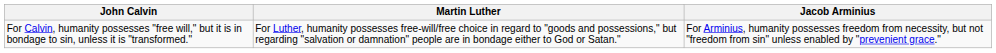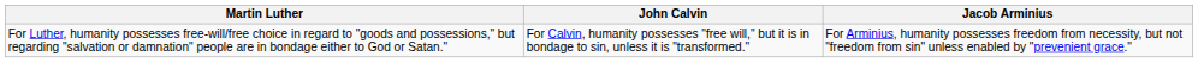 <table class="wikitable">
 <tr>
+<th>Martin Luther</th>
 <th>John Calvin</th>
-<th>Martin Luther</th>
 <th>Jacob Arminius</th>
 </tr>
 <tr>
+<td>For <a href='#'>Luther</a>, humanity possesses free-will/free choice in regard to "goods and possessions," but regarding "salvation or damnation" people are in bondage either to God or Satan."</td>
 <td>For <a href='#'>Calvin</a>, humanity possesses "free will," but it is in bondage to sin, unless it is "transformed."</td>
-<td>For <a href='#'>Luther</a>, humanity possesses free-will/free choice in regard to "goods and possessions," but regarding "salvation or damnation" people are in bondage either to God or Satan."</td>
 <td>For <a href='#'>Arminius</a>, humanity possesses freedom from necessity, but not "freedom from sin" unless enabled by "<a href='#'>prevenient grace</a>."</td>
 </tr>
 </table>
